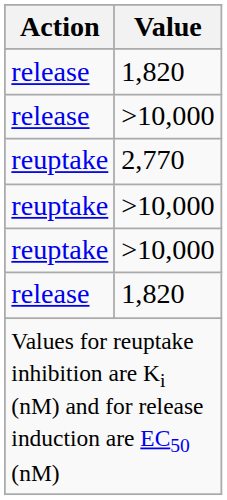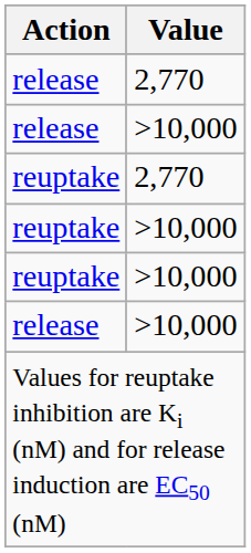 <table class="wikitable floatright">
 <tr>
 <th>Action</th>
 <th>Value</th>
 </tr>
 <tr>
 <td><a href='#'> release</a></td>
-<td>1,820</td>
+<td>2,770</td>
 </tr>
 <tr>
 <td><a href='#'> release</a></td>
 <td>>10,000</td>
 </tr>
 <tr>
 <td><a href='#'> reuptake</a></td>
 <td>2,770</td>
 </tr>
 <tr>
 <td><a href='#'> reuptake</a></td>
 <td>>10,000</td>
 </tr>
 <tr>
 <td><a href='#'> reuptake</a></td>
 <td>>10,000</td>
 </tr>
 <tr>
 <td><a href='#'> release</a></td>
-<td>1,820</td>
+<td>>10,000</td>
 </tr>
 <tr class="sortbottom">
 <td colspan="2" style="width: 1px;"><small>Values for reuptake inhibition are K<sub>i</sub> (nM) and for release induction are <a href='#'>EC<sub>50</sub></a> (nM)</small></td>
 </tr>
 </table>
